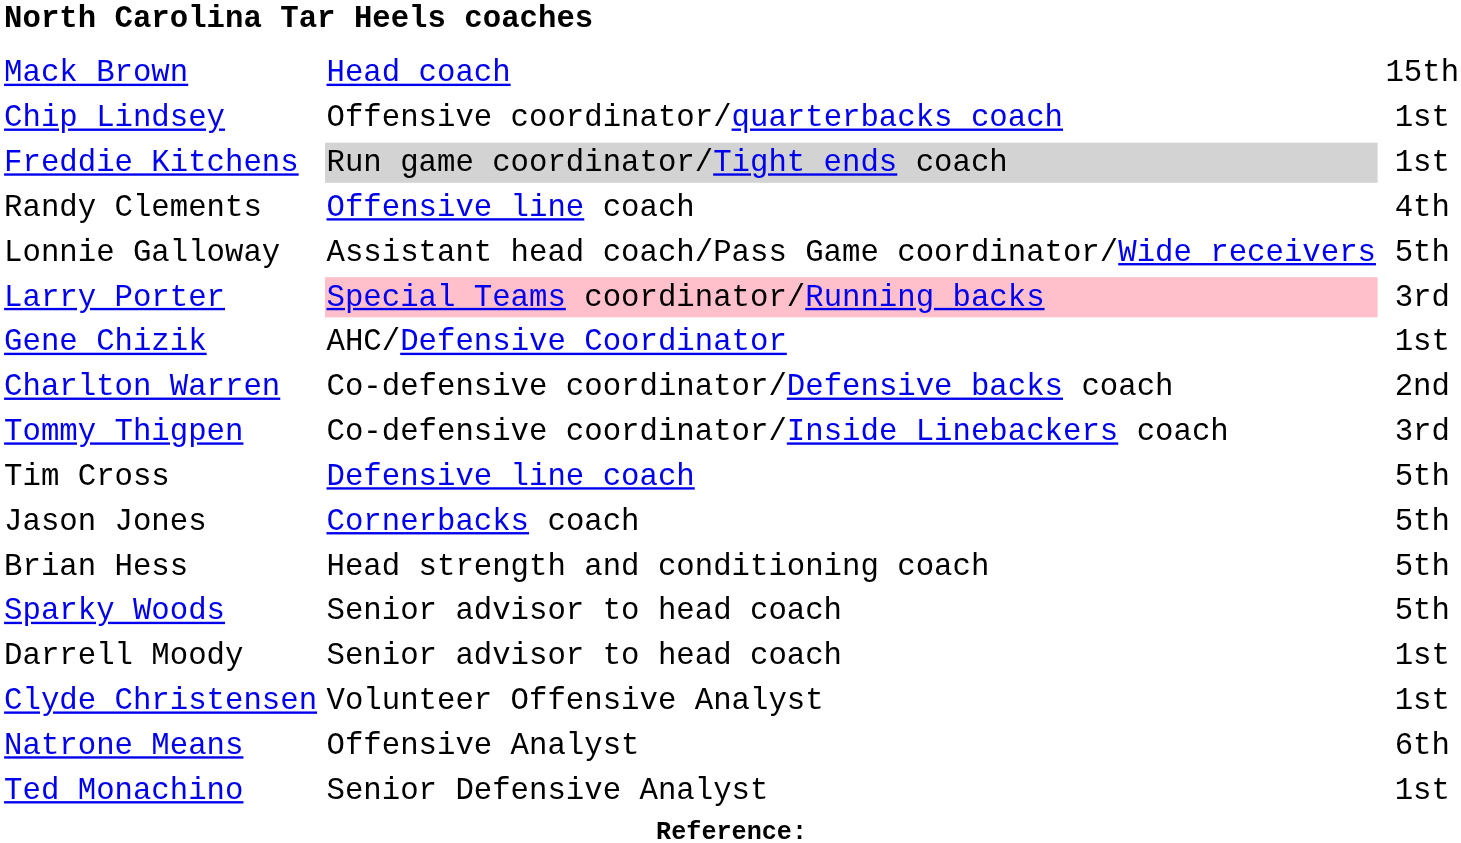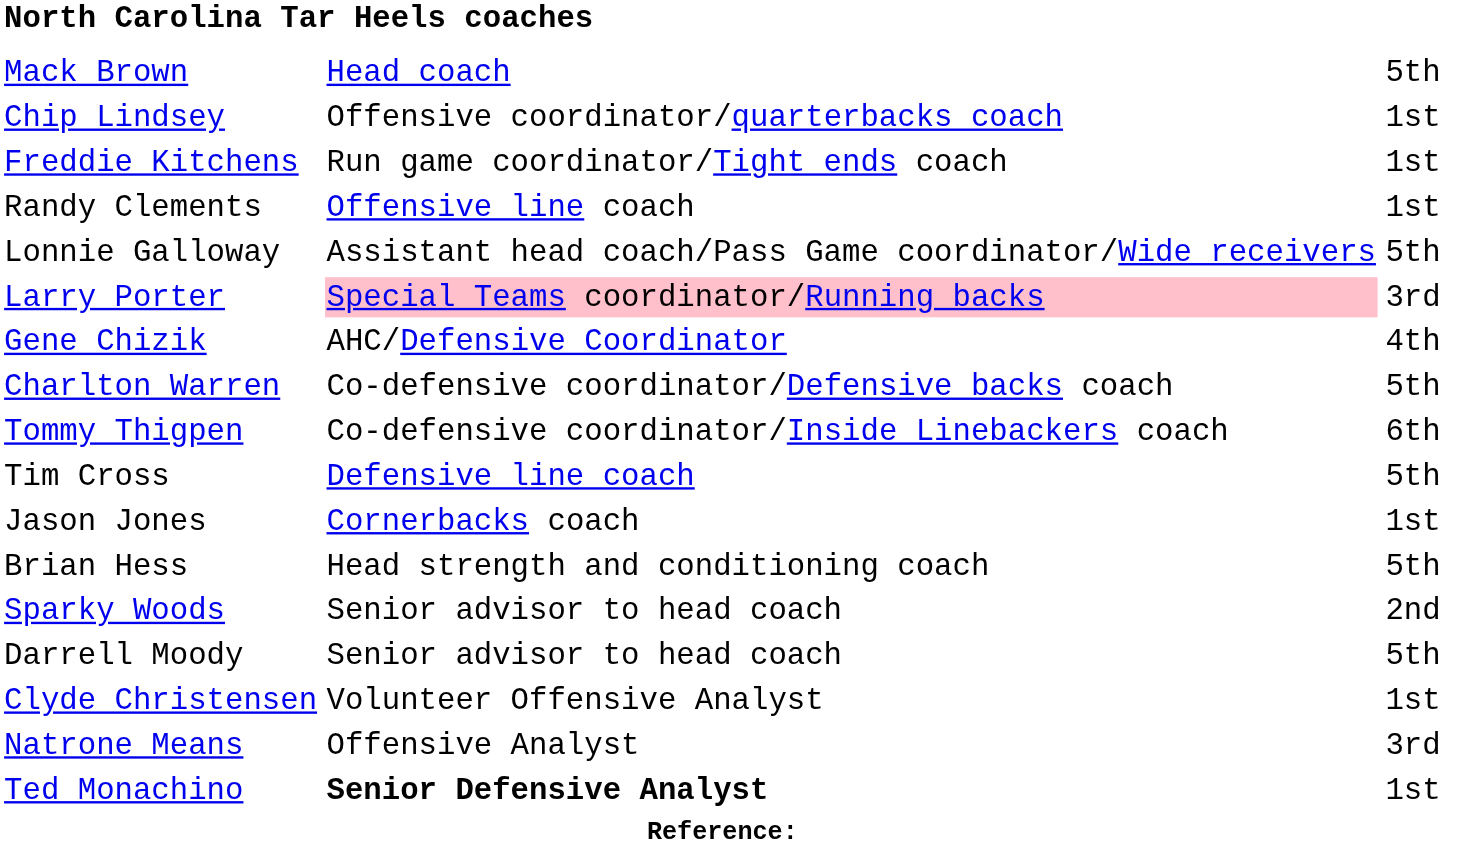 <table class="toccolours" style="text-align: left;">
 <tr>
 <td colspan="9"><strong>North Carolina Tar Heels coaches</strong></td>
 </tr>
 <tr>
 <td style="font-size: 95%;" valign="top"></td>
 </tr>
 <tr>
 <td><a href='#'>Mack Brown</a></td>
 <td><a href='#'>Head coach</a></td>
-<td align=center>15th</td>
+<td align=center>5th</td>
 </tr>
 <tr>
 <td><a href='#'>Chip Lindsey</a></td>
 <td>Offensive coordinator/<a href='#'>quarterbacks coach</a></td>
 <td align=center>1st</td>
 </tr>
 <tr>
 <td><a href='#'>Freddie Kitchens</a></td>
-<td style="background: lightgrey;">Run game coordinator/<a href='#'>Tight ends</a> coach</td>
+<td>Run game coordinator/<a href='#'>Tight ends</a> coach</td>
 <td align=center>1st</td>
 </tr>
 <tr>
 <td>Randy Clements</td>
 <td><a href='#'>Offensive line</a> coach</td>
-<td align=center>4th</td>
+<td align=center>1st</td>
 </tr>
 <tr>
 <td>Lonnie Galloway</td>
 <td>Assistant head coach/Pass Game coordinator/<a href='#'>Wide receivers</a></td>
 <td align=center>5th</td>
 </tr>
 <tr>
 <td><a href='#'>Larry Porter</a></td>
 <td style="background: pink;"><a href='#'>Special Teams</a> coordinator/<a href='#'>Running backs</a></td>
 <td align=center>3rd</td>
 </tr>
 <tr>
 <td><a href='#'>Gene Chizik</a></td>
 <td>AHC/<a href='#'>Defensive Coordinator</a></td>
-<td align=center>1st</td>
+<td align=center>4th</td>
 </tr>
 <tr>
 <td><a href='#'>Charlton Warren</a></td>
 <td>Co-defensive coordinator/<a href='#'>Defensive backs</a> coach</td>
-<td align=center>2nd</td>
+<td align=center>5th</td>
 </tr>
 <tr>
 <td><a href='#'>Tommy Thigpen</a></td>
 <td>Co-defensive coordinator/<a href='#'>Inside Linebackers</a> coach</td>
-<td align=center>3rd</td>
+<td align=center>6th</td>
 </tr>
 <tr>
 <td>Tim Cross</td>
 <td><a href='#'>Defensive line coach</a></td>
 <td align=center>5th</td>
 </tr>
 <tr>
 <td>Jason Jones</td>
 <td><a href='#'>Cornerbacks</a> coach</td>
-<td align=center>5th</td>
+<td align=center>1st</td>
 </tr>
 <tr>
 <td>Brian Hess</td>
 <td>Head strength and conditioning coach</td>
 <td align=center>5th</td>
 </tr>
 <tr>
 <td><a href='#'>Sparky Woods</a></td>
 <td>Senior advisor to head coach</td>
-<td align=center>5th</td>
+<td align=center>2nd</td>
 </tr>
 <tr>
 <td>Darrell Moody</td>
 <td>Senior advisor to head coach</td>
-<td align=center>1st</td>
+<td align=center>5th</td>
 </tr>
 <tr>
 <td><a href='#'>Clyde Christensen</a></td>
 <td>Volunteer Offensive Analyst</td>
 <td align=center>1st</td>
 </tr>
 <tr>
 <td><a href='#'>Natrone Means</a></td>
 <td>Offensive Analyst</td>
-<td align=center>6th</td>
+<td align=center>3rd</td>
 </tr>
 <tr>
 <td><a href='#'>Ted Monachino</a></td>
-<td>Senior Defensive Analyst</td>
+<td><strong>Senior Defensive Analyst</strong></td>
 <td align=center>1st</td>
 </tr>
 <tr>
 <td colspan="4"  style="font-size:8pt; text-align:center;"><strong>Reference:</strong></td>
 </tr>
 </table>
